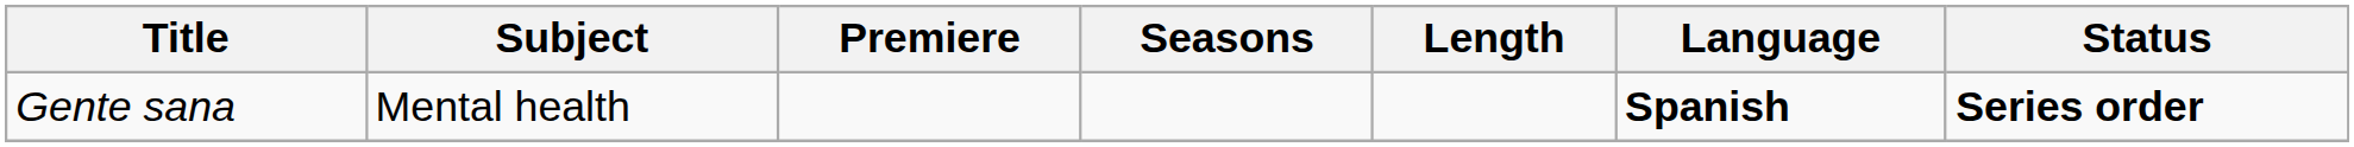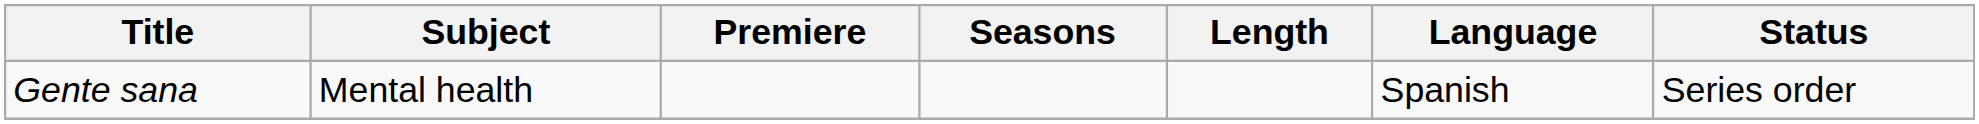 <table class="wikitable sortable" style="width:100%;">
 <tr>
 <th>Title</th>
 <th>Subject</th>
 <th>Premiere</th>
 <th>Seasons</th>
 <th>Length</th>
 <th>Language</th>
 <th>Status</th>
 </tr>
 <tr>
 <td><em>Gente sana</em></td>
 <td>Mental health</td>
 <td></td>
 <td></td>
 <td></td>
-<td><strong>Spanish</strong></td>
-<td><strong>Series order</strong></td>
+<td>Spanish</td>
+<td>Series order</td>
 </tr>
 <tr>
 </tr>
 </table>
